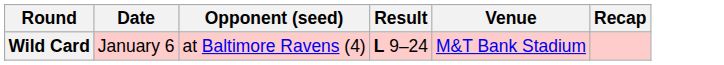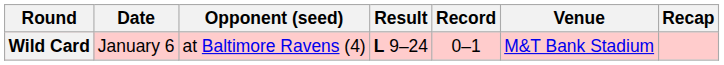 <table class="wikitable" style="text-align:center">
 <tr>
 <th>Round</th>
 <th>Date</th>
 <th>Opponent (seed)</th>
 <th>Result</th>
+<th>Record</th>
 <th>Venue</th>
 <th>Recap</th>
 </tr>
 <tr style="background:#fcc">
 <th>Wild Card</th>
 <td>January 6</td>
 <td>at <a href='#'>Baltimore Ravens</a> (4)</td>
 <td><strong>L</strong> 9–24</td>
+<td>0–1</td>
 <td><a href='#'>M&T Bank Stadium</a></td>
 <td></td>
 </tr>
 </table>
